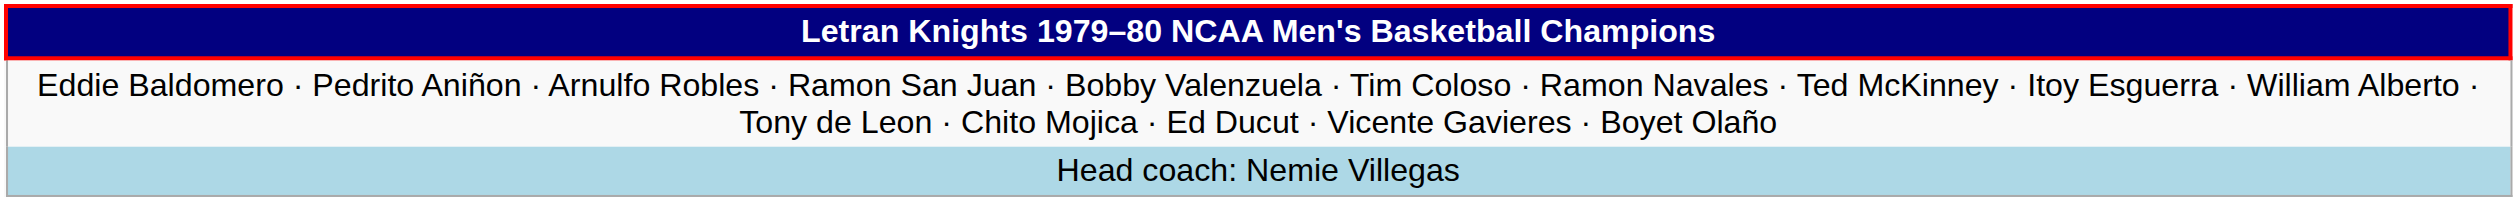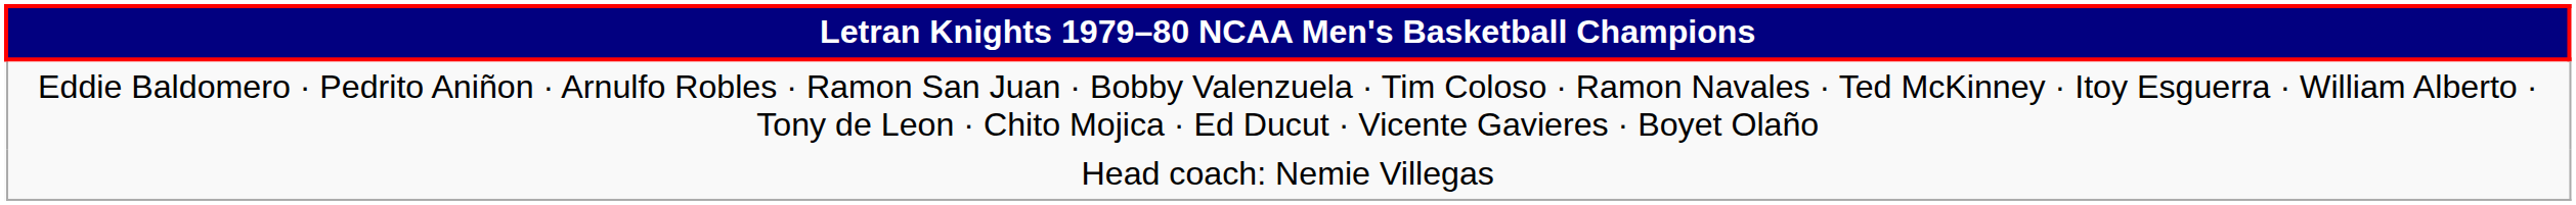 <table class="wikitable" style="text-align: center">
 <tr>
 <th style = "background:#020080; border:2px solid red; color:white">Letran Knights 1979–80 NCAA Men's Basketball Champions</th>
 </tr>
 <tr>
 <td style="border-style: none none none none;">Eddie Baldomero · Pedrito Aniñon · Arnulfo Robles · Ramon San Juan · Bobby Valenzuela · Tim Coloso · Ramon Navales · Ted McKinney · Itoy Esguerra · William Alberto · Tony de Leon · Chito Mojica · Ed Ducut · Vicente Gavieres · Boyet Olaño</td>
 </tr>
 <tr>
-<td style="background: lightblue; border-style: none none none none;">Head coach: Nemie Villegas</td>
+<td style="border-style: none none none none;">Head coach: Nemie Villegas</td>
 </tr>
 </table>
